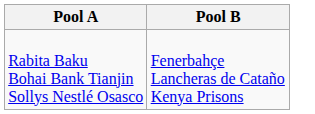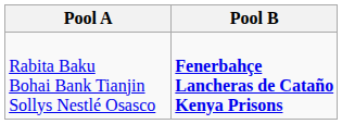 <table class="wikitable">
 <tr>
 <th width=50%>Pool A</th>
 <th width=50%>Pool B</th>
 </tr>
 <tr>
 <td><br> <a href='#'>Rabita Baku</a><br>  <a href='#'>Bohai Bank Tianjin</a><br>  <a href='#'>Sollys Nestlé Osasco</a></td>
-<td><br> <a href='#'>Fenerbahçe</a><br>  <a href='#'>Lancheras de Cataño</a><br>  <a href='#'>Kenya Prisons</a></td>
+<td><strong><br> <a href='#'>Fenerbahçe</a><br>  <a href='#'>Lancheras de Cataño</a><br>  <a href='#'>Kenya Prisons</a></strong></td>
 </tr>
 </table>
